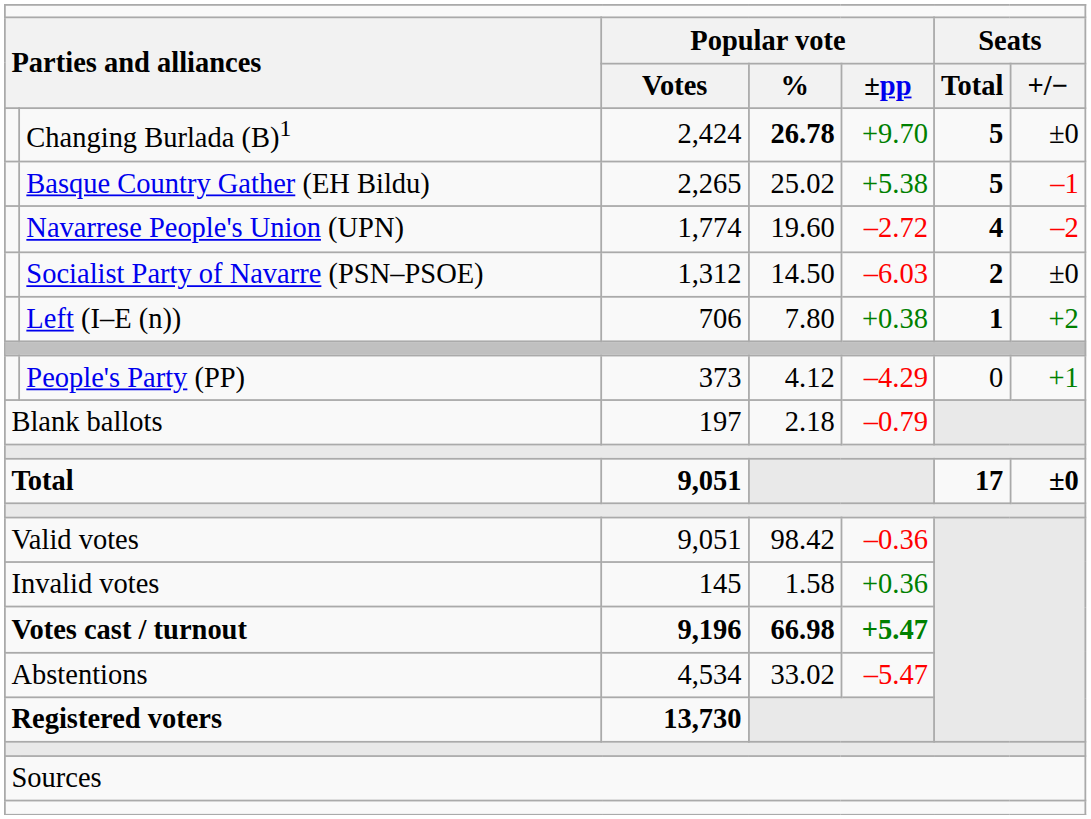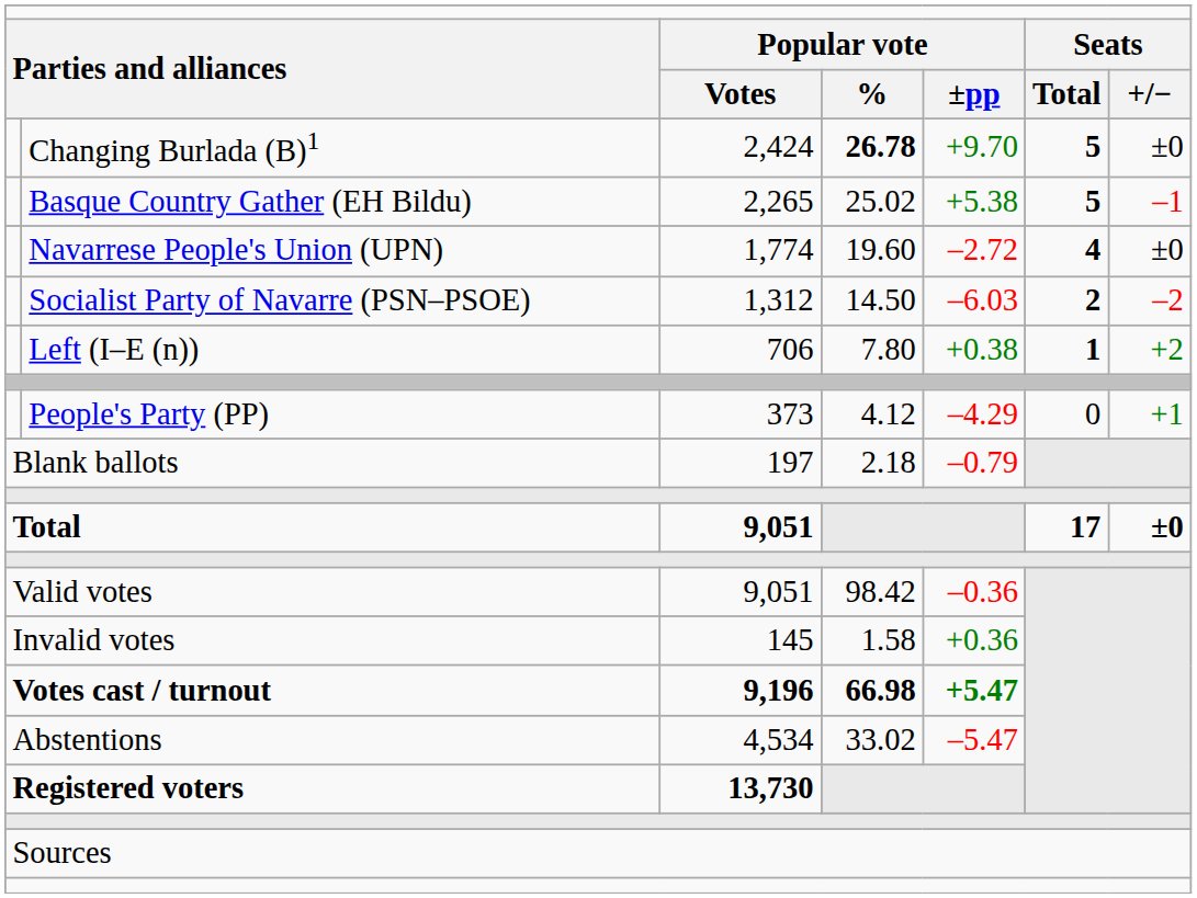 <table class="wikitable" style="text-align:right;">
 <tr>
 <td colspan="7"></td>
 </tr>
 <tr>
 <th style="text-align:left;" rowspan="2" colspan="2" width="525">Parties and alliances</th>
 <th colspan="3">Popular vote</th>
 <th colspan="2">Seats</th>
 </tr>
 <tr>
 <th width="75">Votes</th>
 <th width="45">%</th>
 <th width="45">±<a href='#'>pp</a></th>
 <th width="35">Total</th>
 <th width="35">+/−</th>
 </tr>
 <tr>
 <td width="1" style="color:inherit;background:"></td>
 <td align="left">Changing Burlada (B)<sup>1</sup></td>
 <td>2,424</td>
 <td><strong>26.78</strong></td>
 <td style="color:green;">+9.70</td>
 <td><strong>5</strong></td>
 <td>±0</td>
 </tr>
 <tr>
 <td style="color:inherit;background:"></td>
 <td align="left"><a href='#'>Basque Country Gather</a> (EH Bildu)</td>
 <td>2,265</td>
 <td>25.02</td>
 <td style="color:green;">+5.38</td>
 <td><strong>5</strong></td>
 <td style="color:red;">–1</td>
 </tr>
 <tr>
 <td style="color:inherit;background:"></td>
 <td align="left"><a href='#'>Navarrese People's Union</a> (UPN)</td>
 <td>1,774</td>
 <td>19.60</td>
 <td style="color:red;">–2.72</td>
 <td><strong>4</strong></td>
-<td style="color:red;">–2</td>
+<td>±0</td>
 </tr>
 <tr>
 <td style="color:inherit;background:"></td>
 <td align="left"><a href='#'>Socialist Party of Navarre</a> (PSN–PSOE)</td>
 <td>1,312</td>
 <td>14.50</td>
 <td style="color:red;">–6.03</td>
 <td><strong>2</strong></td>
-<td>±0</td>
+<td style="color:red;">–2</td>
 </tr>
 <tr>
 <td style="color:inherit;background:"></td>
 <td align="left"><a href='#'>Left</a> (I–E (n))</td>
 <td>706</td>
 <td>7.80</td>
 <td style="color:green;">+0.38</td>
 <td><strong>1</strong></td>
 <td style="color:green;">+2</td>
 </tr>
 <tr>
 <td colspan="7" bgcolor="#C0C0C0"></td>
 </tr>
 <tr>
 <td style="color:inherit;background:"></td>
 <td align="left"><a href='#'>People's Party</a> (PP)</td>
 <td>373</td>
 <td>4.12</td>
 <td style="color:red;">–4.29</td>
 <td>0</td>
 <td style="color:green;">+1</td>
 </tr>
 <tr>
 <td align="left" colspan="2">Blank ballots</td>
 <td>197</td>
 <td>2.18</td>
 <td style="color:red;">–0.79</td>
 <td bgcolor="#E9E9E9" colspan="2"></td>
 </tr>
 <tr>
 <td colspan="7" bgcolor="#E9E9E9"></td>
 </tr>
 <tr style="font-weight:bold;">
 <td align="left" colspan="2">Total</td>
 <td>9,051</td>
 <td bgcolor="#E9E9E9" colspan="2"></td>
 <td>17</td>
 <td>±0</td>
 </tr>
 <tr>
 <td colspan="7" bgcolor="#E9E9E9"></td>
 </tr>
 <tr>
 <td align="left" colspan="2">Valid votes</td>
 <td>9,051</td>
 <td>98.42</td>
 <td style="color:red;">–0.36</td>
 <td bgcolor="#E9E9E9" colspan="2" rowspan="5"></td>
 </tr>
 <tr>
 <td align="left" colspan="2">Invalid votes</td>
 <td>145</td>
 <td>1.58</td>
 <td style="color:green;">+0.36</td>
 </tr>
 <tr style="font-weight:bold;">
 <td align="left" colspan="2">Votes cast / turnout</td>
 <td>9,196</td>
 <td>66.98</td>
 <td style="color:green;">+5.47</td>
 </tr>
 <tr>
 <td align="left" colspan="2">Abstentions</td>
 <td>4,534</td>
 <td>33.02</td>
 <td style="color:red;">–5.47</td>
 </tr>
 <tr style="font-weight:bold;">
 <td align="left" colspan="2">Registered voters</td>
 <td>13,730</td>
 <td bgcolor="#E9E9E9" colspan="2"></td>
 </tr>
 <tr>
 <td colspan="7" bgcolor="#E9E9E9"></td>
 </tr>
 <tr>
 <td align="left" colspan="7">Sources</td>
 </tr>
 <tr>
 <td colspan="7" style="text-align:left; max-width:790px;"></td>
 </tr>
 </table>
